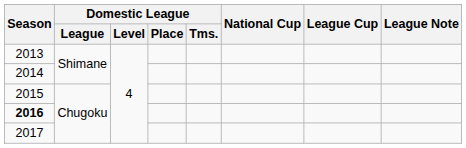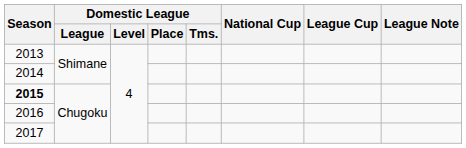 <table class="wikitable"  style="text-align:center;">
 <tr style="background:#f0f6fa;">
 <th rowspan="2">Season</th>
 <th colspan="4">Domestic League</th>
 <th rowspan="2">National Cup</th>
 <th rowspan="2">League Cup</th>
 <th rowspan="2">League Note</th>
 </tr>
 <tr>
 <th>League</th>
 <th>Level</th>
 <th>Place</th>
 <th>Tms.</th>
 </tr>
 <tr>
 <td>2013</td>
 <td rowspan="2">Shimane</td>
 <td rowspan="5">4</td>
 <td></td>
 <td></td>
 <td></td>
 <td></td>
 <td></td>
 </tr>
 <tr>
 <td>2014</td>
 <td></td>
 <td></td>
 <td></td>
 <td></td>
 <td></td>
 </tr>
 <tr>
-<td>2015</td>
+<td><strong>2015</strong></td>
 <td rowspan="3">Chugoku</td>
 <td></td>
 <td></td>
 <td></td>
 <td></td>
 <td></td>
 </tr>
 <tr>
-<td><strong>2016</strong></td>
+<td>2016</td>
 <td></td>
 <td></td>
 <td></td>
 <td></td>
 <td></td>
 </tr>
 <tr>
 <td>2017</td>
 <td></td>
 <td></td>
 <td></td>
 <td></td>
 <td></td>
 </tr>
 </table>
